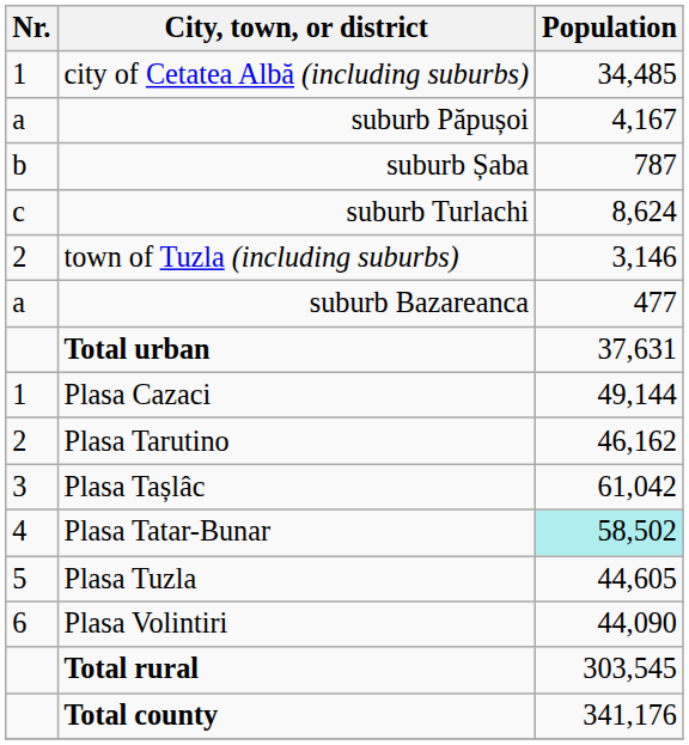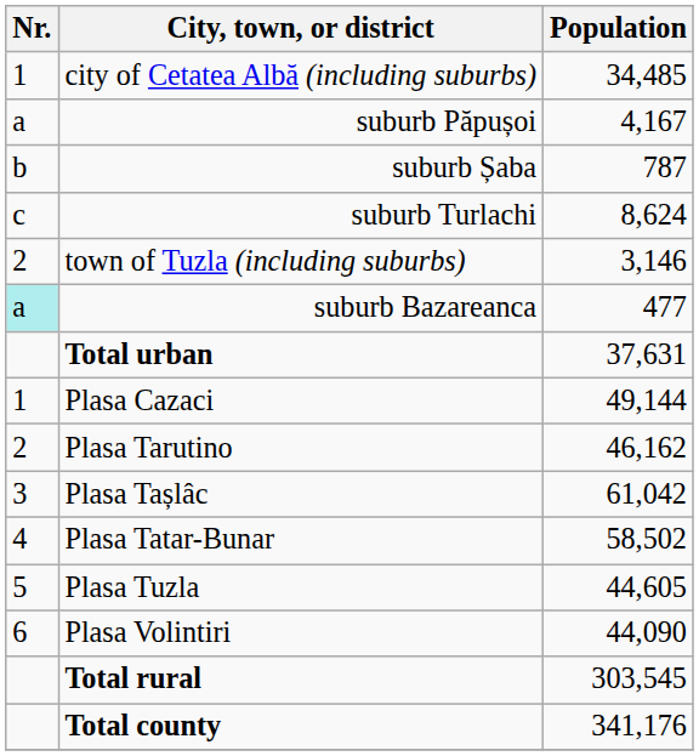 <table class="wikitable " border="1" cellspacing="0" cellpadding="3">
 <tr>
 <th>Nr.</th>
 <th>City, town, or district</th>
 <th>Population</th>
 </tr>
 <tr>
 <td>1</td>
 <td>city of <a href='#'>Cetatea Albă</a> <em>(including suburbs)</em></td>
 <td align="right">34,485</td>
 </tr>
 <tr>
 <td>a</td>
 <td align="right">suburb Păpușoi</td>
 <td align="right">4,167</td>
 </tr>
 <tr>
 <td>b</td>
 <td align="right">suburb Șaba</td>
 <td align="right">787</td>
 </tr>
 <tr>
 <td>c</td>
 <td align="right">suburb Turlachi</td>
 <td align="right">8,624</td>
 </tr>
 <tr>
 <td>2</td>
 <td>town of <a href='#'>Tuzla</a> <em>(including suburbs)</em></td>
 <td align="right">3,146</td>
 </tr>
 <tr>
-<td>a</td>
+<td style="background: paleturquoise;">a</td>
 <td align="right">suburb Bazareanca</td>
 <td align="right">477</td>
 </tr>
 <tr>
 <td></td>
 <td><strong>Total urban</strong></td>
 <td align="right">37,631</td>
 </tr>
 <tr>
 <td>1</td>
 <td>Plasa Cazaci</td>
 <td align="right">49,144</td>
 </tr>
 <tr>
 <td>2</td>
 <td>Plasa Tarutino</td>
 <td align="right">46,162</td>
 </tr>
 <tr>
 <td>3</td>
 <td>Plasa Tașlâc</td>
 <td align="right">61,042</td>
 </tr>
 <tr>
 <td>4</td>
 <td>Plasa Tatar-Bunar</td>
-<td align="right" style="background: paleturquoise;">58,502</td>
+<td align="right">58,502</td>
 </tr>
 <tr>
 <td>5</td>
 <td>Plasa Tuzla</td>
 <td align="right">44,605</td>
 </tr>
 <tr>
 <td>6</td>
 <td>Plasa Volintiri</td>
 <td align="right">44,090</td>
 </tr>
 <tr>
 <td></td>
 <td><strong>Total rural</strong></td>
 <td align="right">303,545</td>
 </tr>
 <tr>
 <td></td>
 <td><strong>Total county</strong></td>
 <td align="right">341,176</td>
 </tr>
 <tr>
 </tr>
 </table>
